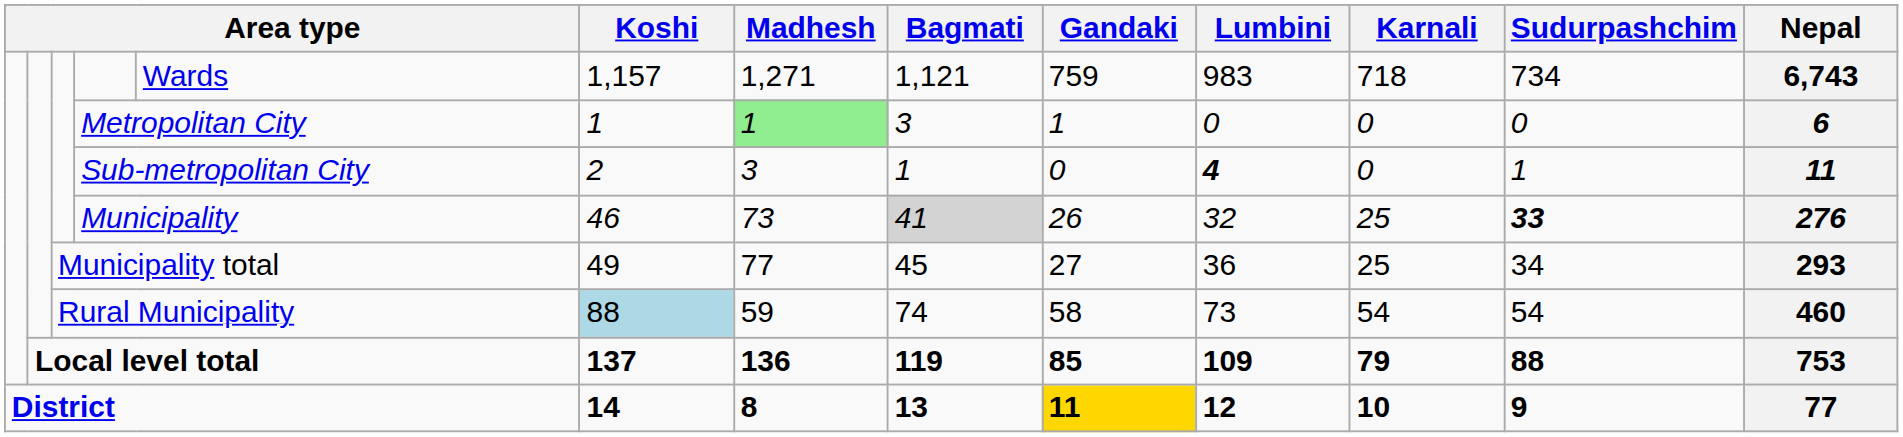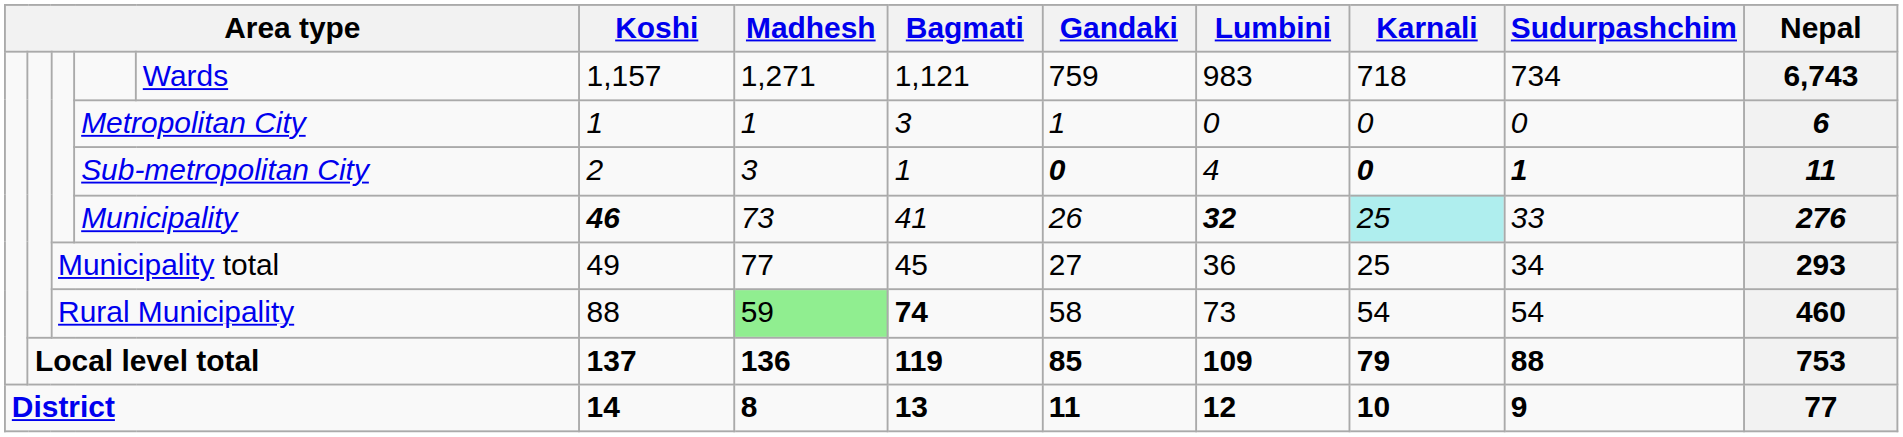 <table class="wikitable">
 <tr>
 <th width="300px" colspan="5">Area type</th>
 <th width="75px"><a href='#'>Koshi</a></th>
 <th width="75px"><a href='#'>Madhesh</a></th>
 <th width="75px"><a href='#'>Bagmati</a></th>
 <th width="75px"><a href='#'>Gandaki</a></th>
 <th width="75px"><a href='#'>Lumbini</a></th>
 <th width="75px"><a href='#'>Karnali</a></th>
 <th width="75px"><a href='#'>Sudurpashchim</a></th>
 <th width="75px">Nepal</th>
 </tr>
 <tr>
 <td rowspan="7"></td>
 <td rowspan="6"></td>
 <td rowspan="4"></td>
 <td></td>
 <td><a href='#'>Wards</a></td>
 <td>1,157</td>
 <td>1,271</td>
 <td>1,121</td>
 <td>759</td>
 <td>983</td>
 <td>718</td>
 <td>734</td>
 <th>6,743</th>
 </tr>
 <tr>
 <td colspan="2"><a href='#'><em>Metropolitan City</em></a></td>
 <td><em>1</em></td>
-<td style="background: lightgreen;"><em>1</em></td>
+<td><em>1</em></td>
 <td><em>3</em></td>
 <td><em>1</em></td>
 <td><em>0</em></td>
 <td><em>0</em></td>
 <td><em>0</em></td>
 <th><em>6</em></th>
 </tr>
 <tr>
 <td colspan="2"><a href='#'><em>Sub-metropolitan City</em></a></td>
 <td><em>2</em></td>
 <td><em>3</em></td>
 <td><em>1</em></td>
-<td><em>0</em></td>
-<td><strong><em>4</em></strong></td>
-<td><em>0</em></td>
-<td><em>1</em></td>
+<td><strong><em>0</em></strong></td>
+<td><em>4</em></td>
+<td><strong><em>0</em></strong></td>
+<td><strong><em>1</em></strong></td>
 <th><em>11</em></th>
 </tr>
 <tr>
 <td colspan="2"><a href='#'><em>Municipality</em></a></td>
-<td><em>46</em></td>
+<td><strong><em>46</em></strong></td>
 <td><em>73</em></td>
-<td style="background: lightgrey;"><em>41</em></td>
+<td><em>41</em></td>
 <td><em>26</em></td>
-<td><em>32</em></td>
-<td><em>25</em></td>
-<td><strong><em>33</em></strong></td>
+<td><strong><em>32</em></strong></td>
+<td style="background: paleturquoise;"><em>25</em></td>
+<td><em>33</em></td>
 <th><em>276</em></th>
 </tr>
 <tr>
 <td colspan="3"><a href='#'>Municipality</a> total</td>
 <td>49</td>
 <td>77</td>
 <td>45</td>
 <td>27</td>
 <td>36</td>
 <td>25</td>
 <td>34</td>
 <th>293</th>
 </tr>
 <tr>
 <td colspan="3"><a href='#'>Rural Municipality</a></td>
-<td style="background: lightblue;">88</td>
-<td>59</td>
-<td>74</td>
+<td>88</td>
+<td style="background: lightgreen;">59</td>
+<td><strong>74</strong></td>
 <td>58</td>
 <td>73</td>
 <td>54</td>
 <td>54</td>
 <th>460</th>
 </tr>
 <tr>
 <td colspan="4"><strong>Local level total</strong></td>
 <td><strong>137</strong></td>
 <td><strong>136</strong></td>
 <td><strong>119</strong></td>
 <td><strong>85</strong></td>
 <td><strong>109</strong></td>
 <td><strong>79</strong></td>
 <td><strong>88</strong></td>
 <th><strong>753</strong></th>
 </tr>
 <tr>
 <td colspan="5"><a href='#'><strong>District</strong></a></td>
 <td><strong>14</strong></td>
 <td><strong>8</strong></td>
 <td><strong>13</strong></td>
-<td style="background: gold;"><strong>11</strong></td>
+<td><strong>11</strong></td>
 <td><strong>12</strong></td>
 <td><strong>10</strong></td>
 <td><strong>9</strong></td>
 <th><strong>77</strong></th>
 </tr>
 </table>
